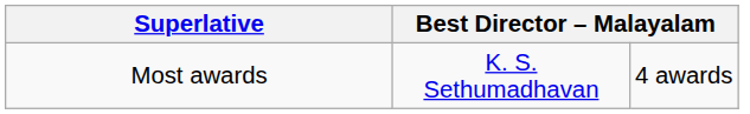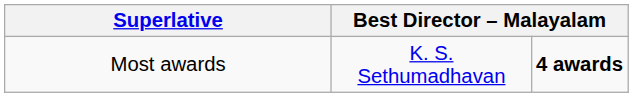 <table class="wikitable" style="text-align: center">
 <tr>
 <th width="25"><strong><a href='#'>Superlative</a></strong></th>
 <th colspan="2" width="100">Best Director – Malayalam</th>
 </tr>
 <tr style="height:2.5em;">
 <td width="250">Most awards</td>
 <td width="150"><a href='#'>K. S. Sethumadhavan</a></td>
-<td>4 awards</td>
+<td><strong>4 awards</strong></td>
 </tr>
 </table>
